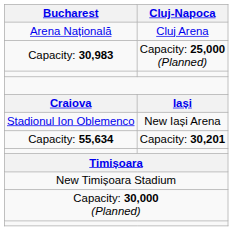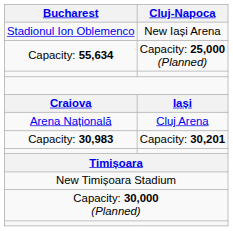 <table class="wikitable" style="text-align:center">
 <tr>
 <th><a href='#'>Bucharest</a></th>
 <th><a href='#'>Cluj-Napoca</a></th>
 </tr>
 <tr>
-<td><a href='#'>Arena Națională</a></td>
-<td><a href='#'>Cluj Arena</a></td>
+<td><a href='#'>Stadionul Ion Oblemenco</a></td>
+<td>New Iași Arena </td>
 </tr>
 <tr>
-<td>Capacity: <strong>30,983</strong></td>
+<td>Capacity: <strong>55,634</strong></td>
 <td>Capacity: <strong>25,000</strong><br><em>(Planned)</em></td>
 </tr>
 <tr>
 <td></td>
 <td></td>
 </tr>
 <tr>
 <td colspan="2"><br></td>
 </tr>
 <tr>
 <th><a href='#'>Craiova</a></th>
 <th><a href='#'>Iași</a></th>
 </tr>
 <tr>
-<td><a href='#'>Stadionul Ion Oblemenco</a></td>
-<td>New Iași Arena </td>
+<td><a href='#'>Arena Națională</a></td>
+<td><a href='#'>Cluj Arena</a></td>
 </tr>
 <tr>
-<td>Capacity: <strong>55,634</strong></td>
+<td>Capacity: <strong>30,983</strong></td>
 <td>Capacity: <strong>30,201</strong></td>
 </tr>
 <tr>
 <td></td>
 <td></td>
 </tr>
 <tr>
 <th colspan="2"><a href='#'>Timișoara</a></th>
 </tr>
 <tr>
 <td colspan="2">New Timișoara Stadium </td>
 </tr>
 <tr>
 <td colspan="2">Capacity: <strong>30,000</strong><br><em>(Planned)</em></td>
 </tr>
 <tr>
 <td colspan="2"></td>
 </tr>
 </table>
